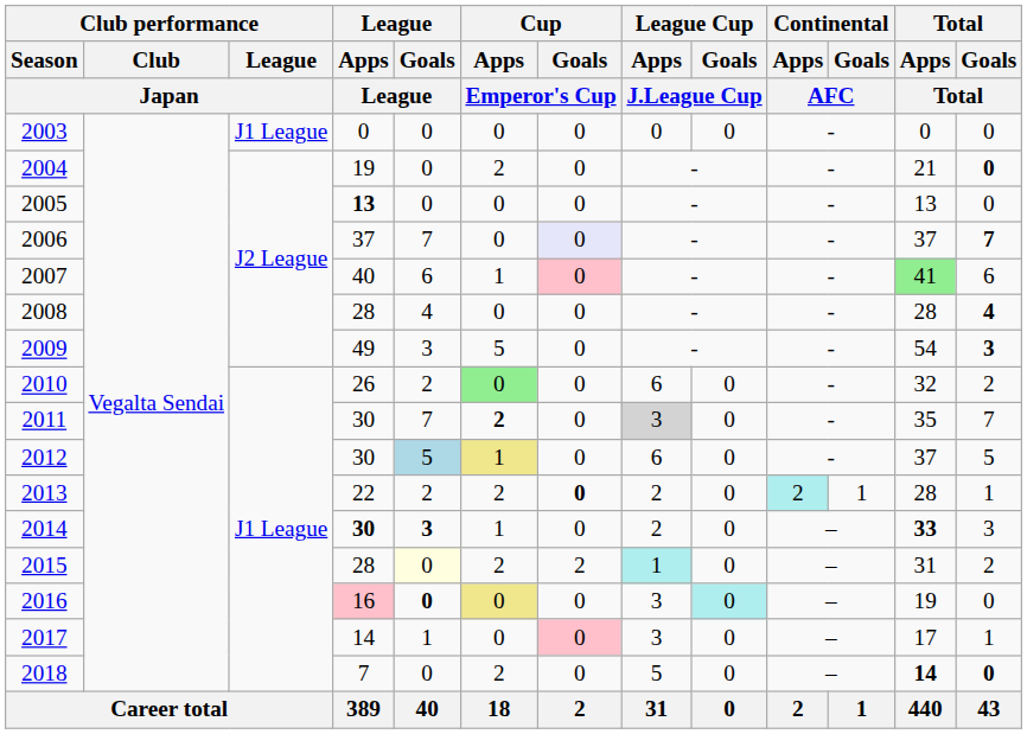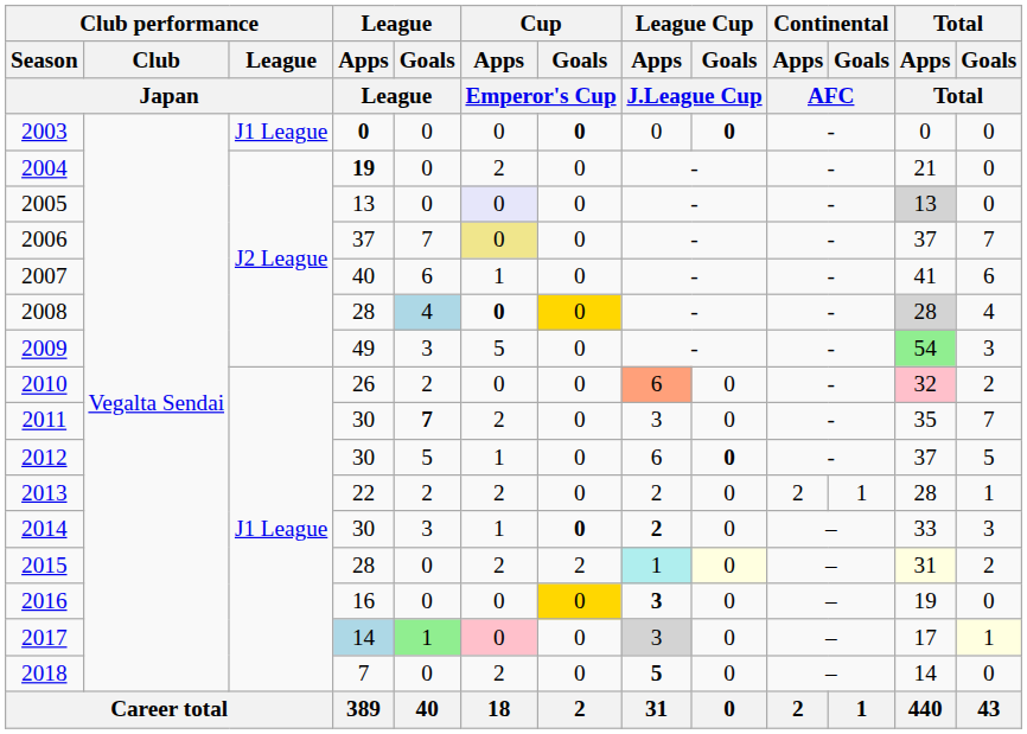 <table class="wikitable" style="text-align:center">
 <tr>
 <th colspan=3>Club performance</th>
 <th colspan=2>League</th>
 <th colspan=2>Cup</th>
 <th colspan=2>League Cup</th>
 <th colspan=2>Continental</th>
 <th colspan=2>Total</th>
 </tr>
 <tr>
 <th>Season</th>
 <th>Club</th>
 <th>League</th>
 <th>Apps</th>
 <th>Goals</th>
 <th>Apps</th>
 <th>Goals</th>
 <th>Apps</th>
 <th>Goals</th>
 <th>Apps</th>
 <th>Goals</th>
 <th>Apps</th>
 <th>Goals</th>
 </tr>
 <tr>
 <th colspan=3>Japan</th>
 <th colspan=2>League</th>
 <th colspan=2><a href='#'>Emperor's Cup</a></th>
 <th colspan=2><a href='#'>J.League Cup</a></th>
 <th colspan=2><a href='#'>AFC</a></th>
 <th colspan=2>Total</th>
 </tr>
 <tr>
 <td><a href='#'>2003</a></td>
 <td rowspan="16"><a href='#'>Vegalta Sendai</a></td>
 <td><a href='#'>J1 League</a></td>
+<td><strong>0</strong></td>
 <td>0</td>
 <td>0</td>
+<td><strong>0</strong></td>
 <td>0</td>
-<td>0</td>
-<td>0</td>
-<td>0</td>
+<td><strong>0</strong></td>
 <td colspan="2">-</td>
 <td>0</td>
 <td>0</td>
 </tr>
 <tr>
 <td><a href='#'>2004</a></td>
 <td rowspan="6"><a href='#'>J2 League</a></td>
-<td>19</td>
+<td><strong>19</strong></td>
 <td>0</td>
 <td>2</td>
 <td>0</td>
 <td colspan="2">-</td>
 <td colspan="2">-</td>
 <td>21</td>
-<td><strong>0</strong></td>
+<td>0</td>
 </tr>
 <tr>
 <td>2005</td>
-<td><strong>13</strong></td>
+<td>13</td>
 <td>0</td>
-<td>0</td>
+<td style="background: lavender;">0</td>
 <td>0</td>
 <td colspan="2">-</td>
 <td colspan="2">-</td>
-<td>13</td>
+<td style="background: lightgrey;">13</td>
 <td>0</td>
 </tr>
 <tr>
 <td>2006</td>
 <td>37</td>
 <td>7</td>
+<td style="background: khaki;">0</td>
 <td>0</td>
-<td style="background: lavender;">0</td>
 <td colspan="2">-</td>
 <td colspan="2">-</td>
 <td>37</td>
-<td><strong>7</strong></td>
+<td>7</td>
 </tr>
 <tr>
 <td>2007</td>
 <td>40</td>
 <td>6</td>
 <td>1</td>
-<td style="background: pink;">0</td>
+<td>0</td>
 <td colspan="2">-</td>
 <td colspan="2">-</td>
-<td style="background: lightgreen;">41</td>
+<td>41</td>
 <td>6</td>
 </tr>
 <tr>
 <td>2008</td>
 <td>28</td>
-<td>4</td>
-<td>0</td>
-<td>0</td>
+<td style="background: lightblue;">4</td>
+<td><strong>0</strong></td>
+<td style="background: gold;">0</td>
 <td colspan="2">-</td>
 <td colspan="2">-</td>
-<td>28</td>
-<td><strong>4</strong></td>
+<td style="background: lightgrey;">28</td>
+<td>4</td>
 </tr>
 <tr>
 <td><a href='#'>2009</a></td>
 <td>49</td>
 <td>3</td>
 <td>5</td>
 <td>0</td>
 <td colspan="2">-</td>
 <td colspan="2">-</td>
-<td>54</td>
-<td><strong>3</strong></td>
+<td style="background: lightgreen;">54</td>
+<td>3</td>
 </tr>
 <tr>
 <td><a href='#'>2010</a></td>
 <td rowspan="9"><a href='#'>J1 League</a></td>
 <td>26</td>
 <td>2</td>
-<td style="background: lightgreen;">0</td>
 <td>0</td>
-<td>6</td>
+<td>0</td>
+<td style="background: lightsalmon;">6</td>
 <td>0</td>
 <td colspan="2">-</td>
-<td>32</td>
+<td style="background: pink;">32</td>
 <td>2</td>
 </tr>
 <tr>
 <td><a href='#'>2011</a></td>
 <td>30</td>
-<td>7</td>
-<td><strong>2</strong></td>
+<td><strong>7</strong></td>
+<td>2</td>
 <td>0</td>
-<td style="background: lightgrey;">3</td>
+<td>3</td>
 <td>0</td>
 <td colspan="2">-</td>
 <td>35</td>
 <td>7</td>
 </tr>
 <tr>
 <td><a href='#'>2012</a></td>
 <td>30</td>
-<td style="background: lightblue;">5</td>
-<td style="background: khaki;">1</td>
+<td>5</td>
+<td>1</td>
 <td>0</td>
 <td>6</td>
-<td>0</td>
+<td><strong>0</strong></td>
 <td colspan="2">-</td>
 <td>37</td>
 <td>5</td>
 </tr>
 <tr>
 <td><a href='#'>2013</a></td>
 <td>22</td>
 <td>2</td>
 <td>2</td>
-<td><strong>0</strong></td>
+<td>0</td>
 <td>2</td>
 <td>0</td>
-<td style="background: paleturquoise;">2</td>
+<td>2</td>
 <td>1</td>
 <td>28</td>
 <td>1</td>
 </tr>
 <tr>
 <td><a href='#'>2014</a></td>
-<td><strong>30</strong></td>
-<td><strong>3</strong></td>
+<td>30</td>
+<td>3</td>
 <td>1</td>
-<td>0</td>
-<td>2</td>
+<td><strong>0</strong></td>
+<td><strong>2</strong></td>
 <td>0</td>
 <td colspan="2">–</td>
-<td><strong>33</strong></td>
+<td>33</td>
 <td>3</td>
 </tr>
 <tr>
 <td><a href='#'>2015</a></td>
 <td>28</td>
-<td style="background: lightyellow;">0</td>
+<td>0</td>
 <td>2</td>
 <td>2</td>
 <td style="background: paleturquoise;">1</td>
-<td>0</td>
+<td style="background: lightyellow;">0</td>
 <td colspan="2">–</td>
-<td>31</td>
+<td style="background: lightyellow;">31</td>
 <td>2</td>
 </tr>
 <tr>
 <td><a href='#'>2016</a></td>
-<td style="background: pink;">16</td>
-<td><strong>0</strong></td>
-<td style="background: khaki;">0</td>
+<td>16</td>
 <td>0</td>
-<td>3</td>
-<td style="background: paleturquoise;">0</td>
+<td>0</td>
+<td style="background: gold;">0</td>
+<td><strong>3</strong></td>
+<td>0</td>
 <td colspan="2">–</td>
 <td>19</td>
 <td>0</td>
 </tr>
 <tr>
 <td><a href='#'>2017</a></td>
-<td>14</td>
-<td>1</td>
+<td style="background: lightblue;">14</td>
+<td style="background: lightgreen;">1</td>
+<td style="background: pink;">0</td>
 <td>0</td>
-<td style="background: pink;">0</td>
-<td>3</td>
+<td style="background: lightgrey;">3</td>
 <td>0</td>
 <td colspan="2">–</td>
 <td>17</td>
-<td>1</td>
+<td style="background: lightyellow;">1</td>
 </tr>
 <tr>
 <td><a href='#'>2018</a></td>
 <td>7</td>
 <td>0</td>
 <td>2</td>
 <td>0</td>
-<td>5</td>
+<td><strong>5</strong></td>
 <td>0</td>
 <td colspan="2">–</td>
-<td><strong>14</strong></td>
-<td><strong>0</strong></td>
+<td>14</td>
+<td>0</td>
 </tr>
 <tr>
 <th colspan=3>Career total</th>
 <th>389</th>
 <th>40</th>
 <th>18</th>
 <th>2</th>
 <th>31</th>
 <th>0</th>
 <th>2</th>
 <th>1</th>
 <th>440</th>
 <th>43</th>
 </tr>
 </table>
